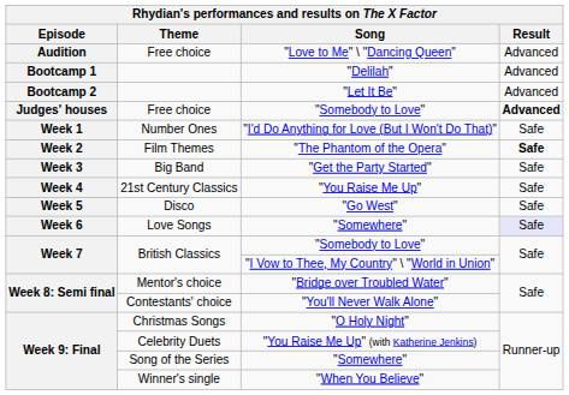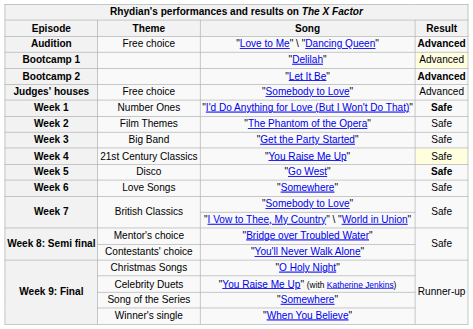 <table class="wikitable collapsible collapsed" style="margin:1em auto 1em auto; text-align:center;">
 <tr>
 <th colspan="4">Rhydian's performances and results on <em>The X Factor</em></th>
 </tr>
 <tr>
 <th scope="col">Episode</th>
 <th scope="col">Theme</th>
 <th scope="col">Song</th>
 <th scope="col">Result</th>
 </tr>
 <tr>
 <th scope="row">Audition</th>
 <td>Free choice</td>
 <td>"<a href='#'><u>Love to Me</u></a>" \ "<a href='#'><u>Dancing Queen</u></a>"</td>
-<td>Advanced</td>
+<td><strong>Advanced</strong></td>
 </tr>
 <tr>
 <th scope="row">Bootcamp 1</th>
 <td></td>
 <td>"<a href='#'><u>Delilah</u></a>"</td>
-<td>Advanced</td>
+<td style="background: lightyellow;">Advanced</td>
 </tr>
 <tr>
 <th scope="row">Bootcamp 2</th>
 <td></td>
 <td>"<a href='#'><u>Let It Be</u></a>"</td>
-<td>Advanced</td>
+<td><strong>Advanced</strong></td>
 </tr>
 <tr>
 <th scope="row">Judges' houses</th>
 <td>Free choice</td>
 <td>"<a href='#'><u>Somebody to Love</u></a>"</td>
-<td><strong>Advanced</strong></td>
+<td>Advanced</td>
 </tr>
 <tr>
 <th scope="row">Week 1</th>
 <td>Number Ones</td>
 <td>"<a href='#'><u>I'd Do Anything for Love (But I Won't Do That)</u></a>"</td>
-<td>Safe</td>
+<td><strong>Safe</strong></td>
 </tr>
 <tr>
 <th scope="row">Week 2</th>
 <td>Film Themes</td>
 <td>"<a href='#'><u>The Phantom of the Opera</u></a>"</td>
-<td><strong>Safe</strong></td>
+<td>Safe</td>
 </tr>
 <tr>
 <th scope="row">Week 3</th>
 <td>Big Band</td>
 <td>"<a href='#'><u>Get the Party Started</u></a>"</td>
 <td>Safe</td>
 </tr>
 <tr>
 <th scope="row">Week 4</th>
 <td>21st Century Classics</td>
 <td>"<a href='#'><u>You Raise Me Up</u></a>"</td>
-<td>Safe</td>
+<td style="background: lightyellow;">Safe</td>
 </tr>
 <tr>
 <th scope="row">Week 5</th>
 <td>Disco</td>
 <td>"<a href='#'><u>Go West</u></a>"</td>
-<td>Safe</td>
+<td><strong>Safe</strong></td>
 </tr>
 <tr>
 <th scope="row">Week 6</th>
 <td>Love Songs</td>
 <td>"<a href='#'><u>Somewhere</u></a>"</td>
-<td style="background: lavender;">Safe</td>
+<td>Safe</td>
 </tr>
 <tr>
 <th rowspan="2" scope="row">Week 7</th>
 <td rowspan="2">British Classics</td>
 <td>"<a href='#'><u>Somebody to Love</u></a>"</td>
 <td rowspan="2">Safe</td>
 </tr>
 <tr>
 <td>"<a href='#'><u>I Vow to Thee, My Country</u></a>" \ "<a href='#'><u>World in Union</u></a>"</td>
 </tr>
 <tr>
 <th rowspan="2" scope="row">Week 8: Semi final</th>
 <td>Mentor's choice</td>
 <td>"<a href='#'><u>Bridge over Troubled Water</u></a>"</td>
 <td rowspan="2">Safe</td>
 </tr>
 <tr>
 <td>Contestants' choice</td>
 <td>"<a href='#'><u>You'll Never Walk Alone</u></a>"</td>
 </tr>
 <tr>
 <th rowspan="4" scope="row">Week 9: Final</th>
 <td>Christmas Songs</td>
 <td>"<a href='#'><u>O Holy Night</u></a>"</td>
 <td rowspan="4">Runner-up</td>
 </tr>
 <tr>
 <td>Celebrity Duets</td>
 <td>"<a href='#'><u>You Raise Me Up</u></a>" <small>(with <a href='#'>Katherine Jenkins</a>) </small></td>
 </tr>
 <tr>
 <td>Song of the Series</td>
 <td>"<a href='#'><u>Somewhere</u></a>"</td>
 </tr>
 <tr>
 <td>Winner's single</td>
 <td>"<a href='#'><u>When You Believe</u></a>"</td>
 </tr>
 </table>
